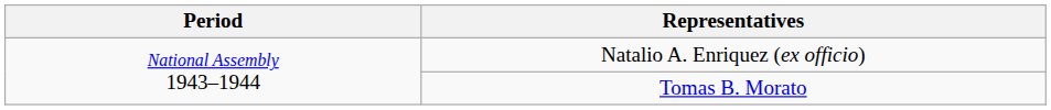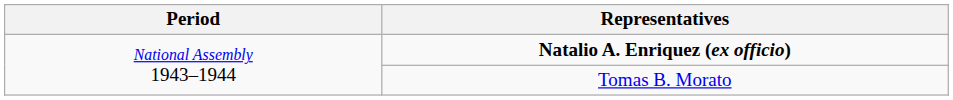 <table class="wikitable" style="text-align:center; width:40%;">
 <tr>
 <th width="40%">Period</th>
 <th>Representatives</th>
 </tr>
 <tr>
 <td rowspan="2"><small><a href='#'><em>National Assembly</em></a></small><br>1943–1944</td>
-<td>Natalio A. Enriquez (<em>ex officio</em>)</td>
+<td><strong>Natalio A. Enriquez (<em>ex officio</em>)</strong></td>
 </tr>
 <tr>
 <td><a href='#'>Tomas B. Morato</a></td>
 </tr>
 </table>
